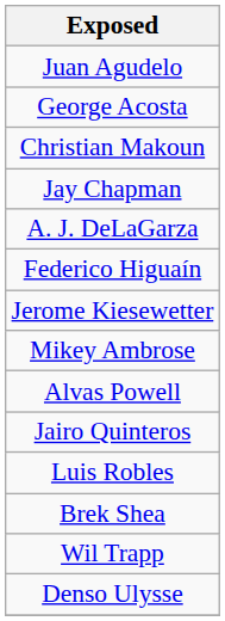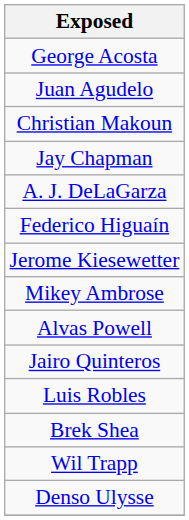 <table class="wikitable" style="text-align:center">
 <tr>
 <th>Exposed</th>
 </tr>
 <tr>
-<td><a href='#'>Juan Agudelo</a></td>
+<td><a href='#'>George Acosta</a></td>
 </tr>
 <tr>
-<td><a href='#'>George Acosta</a></td>
+<td><a href='#'>Juan Agudelo</a></td>
 </tr>
 <tr>
 <td><a href='#'>Christian Makoun</a></td>
 </tr>
 <tr>
 <td><a href='#'>Jay Chapman</a></td>
 </tr>
 <tr>
 <td><a href='#'>A. J. DeLaGarza</a></td>
 </tr>
 <tr>
 <td><a href='#'>Federico Higuaín</a></td>
 </tr>
 <tr>
 <td><a href='#'>Jerome Kiesewetter</a></td>
 </tr>
 <tr>
 <td><a href='#'>Mikey Ambrose</a></td>
 </tr>
 <tr>
 <td><a href='#'>Alvas Powell</a></td>
 </tr>
 <tr>
 <td><a href='#'>Jairo Quinteros</a></td>
 </tr>
 <tr>
 <td><a href='#'>Luis Robles</a></td>
 </tr>
 <tr>
 <td><a href='#'>Brek Shea</a></td>
 </tr>
 <tr>
 <td><a href='#'>Wil Trapp</a></td>
 </tr>
 <tr>
 <td><a href='#'>Denso Ulysse</a></td>
 </tr>
 <tr>
 </tr>
 </table>
